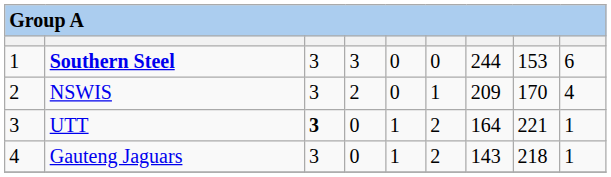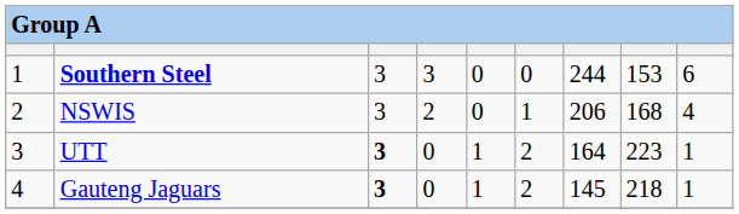 <table class="wikitable collapsible">
 <tr>
 <td colspan=11 style="background-color:#ABCDEF"><strong>Group A</strong></td>
 </tr>
 <tr>
 <th width="25"></th>
 <th width="200"></th>
 <th width="25"></th>
 <th width="25"></th>
 <th width="25"></th>
 <th width="25"></th>
 <th width="30"></th>
 <th width="30"></th>
 <th width="30"></th>
 </tr>
 <tr style="background:#">
 <td>1</td>
 <td style="text-align:left"> <strong><a href='#'>Southern Steel</a></strong></td>
 <td>3</td>
 <td>3</td>
 <td>0</td>
 <td>0</td>
 <td>244</td>
 <td>153</td>
 <td>6</td>
 </tr>
 <tr style="background:#">
 <td>2</td>
 <td style="text-align:left"> <a href='#'>NSWIS</a></td>
 <td>3</td>
 <td>2</td>
 <td>0</td>
 <td>1</td>
-<td>209</td>
-<td>170</td>
+<td>206</td>
+<td>168</td>
 <td>4</td>
 </tr>
 <tr style="background:#">
 <td>3</td>
 <td style="text-align:left"> <a href='#'>UTT</a></td>
 <td><strong>3</strong></td>
 <td>0</td>
 <td>1</td>
 <td>2</td>
 <td>164</td>
-<td>221</td>
+<td>223</td>
 <td>1</td>
 </tr>
 <tr style="background:#">
 <td>4</td>
 <td style="text-align:left"> <a href='#'>Gauteng Jaguars</a></td>
-<td>3</td>
+<td><strong>3</strong></td>
 <td>0</td>
 <td>1</td>
 <td>2</td>
-<td>143</td>
+<td>145</td>
 <td>218</td>
 <td>1</td>
 </tr>
 <tr>
 </tr>
 </table>
